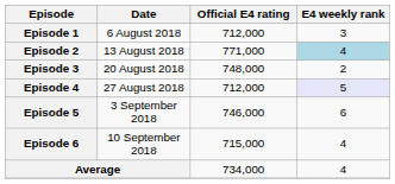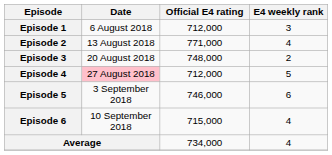 <table class="wikitable sortable" style="text-align:center">
 <tr>
 <th scope="col" style="width:120px;">Episode</th>
 <th scope="col" style="width:120px;">Date</th>
 <th scope="col" style="width:140px;">Official E4 rating</th>
 <th scope="col" style="width:120px;">E4 weekly rank</th>
 </tr>
 <tr>
 <th scope="row">Episode 1</th>
 <td>6 August 2018</td>
 <td>712,000</td>
 <td>3</td>
 </tr>
 <tr>
 <th scope="row">Episode 2</th>
 <td>13 August 2018</td>
 <td>771,000</td>
-<td style="background: lightblue;">4</td>
+<td>4</td>
 </tr>
 <tr>
 <th scope="row">Episode 3</th>
 <td>20 August 2018</td>
 <td>748,000</td>
 <td>2</td>
 </tr>
 <tr>
 <th scope="row">Episode 4</th>
-<td>27 August 2018</td>
+<td style="background: pink;">27 August 2018</td>
 <td>712,000</td>
-<td style="background: lavender;">5</td>
+<td>5</td>
 </tr>
 <tr>
 <th scope="row">Episode 5</th>
 <td>3 September 2018</td>
 <td>746,000</td>
 <td>6</td>
 </tr>
 <tr>
 <th scope="row">Episode 6</th>
 <td>10 September 2018</td>
 <td>715,000</td>
 <td>4</td>
 </tr>
 <tr>
 <th scope="row" colspan="2">Average</th>
 <td>734,000</td>
 <td>4</td>
 </tr>
 <tr>
 </tr>
 </table>
